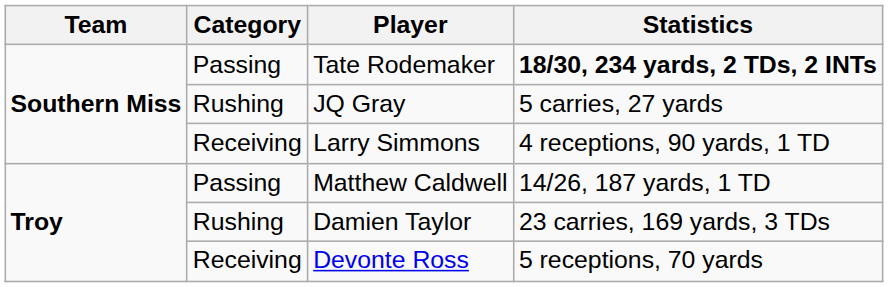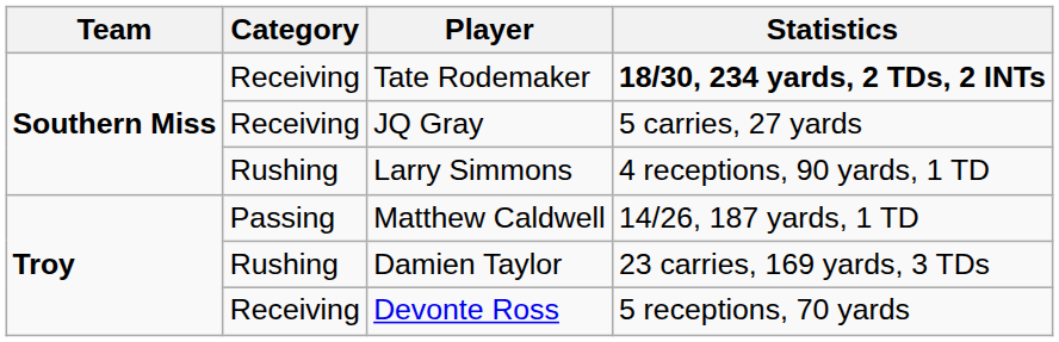 <table class="wikitable" style="float: right;">
 <tr>
 <th>Team</th>
 <th>Category</th>
 <th>Player</th>
 <th>Statistics</th>
 </tr>
 <tr>
 <td rowspan=3><strong>Southern Miss</strong></td>
-<td>Passing</td>
+<td>Receiving</td>
 <td>Tate Rodemaker</td>
 <td><strong>18/30, 234 yards, 2 TDs, 2 INTs</strong></td>
 </tr>
 <tr>
-<td>Rushing</td>
+<td>Receiving</td>
 <td>JQ Gray</td>
 <td>5 carries, 27 yards</td>
 </tr>
 <tr>
-<td>Receiving</td>
+<td>Rushing</td>
 <td>Larry Simmons</td>
 <td>4 receptions, 90 yards, 1 TD</td>
 </tr>
 <tr>
 <td rowspan=3><strong>Troy</strong></td>
 <td>Passing</td>
 <td>Matthew Caldwell</td>
 <td>14/26, 187 yards, 1 TD</td>
 </tr>
 <tr>
 <td>Rushing</td>
 <td>Damien Taylor</td>
 <td>23 carries, 169 yards, 3 TDs</td>
 </tr>
 <tr>
 <td>Receiving</td>
 <td><a href='#'>Devonte Ross</a></td>
 <td>5 receptions, 70 yards</td>
 </tr>
 </table>
